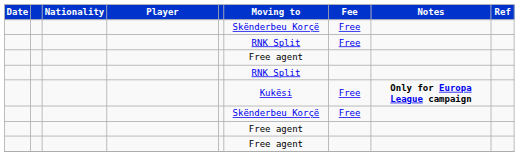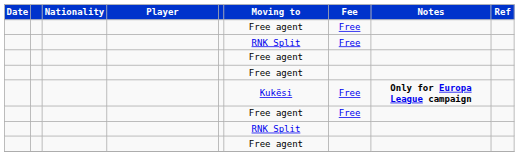 <table class="wikitable"  style="text-align:center; font-size:90%; ">
 <tr>
 <th style="background:#03c; color:white; width:15px;">Date</th>
 <th style="background:#03c; color:white; width:10px;"></th>
 <th style="background:#03c; color:white; width:10px;">Nationality</th>
 <th style="background:#03c; color:white; width:140px;">Player</th>
 <th style="background:#03c; color:white; width:1px;"></th>
 <th style="background:#03c; color:white; width:130px;">Moving to</th>
 <th style="background:#03c; color:white; width:50px;">Fee</th>
 <th style="background:#03c; color:white; width:150px;">Notes</th>
 <th style="background:#03c; color:white; width:25px;">Ref</th>
 </tr>
 <tr>
 <td></td>
 <td align=center></td>
 <td></td>
 <td></td>
 <td></td>
-<td><a href='#'>Skënderbeu Korçë</a></td>
+<td>Free agent</td>
 <td align=center><a href='#'>Free</a></td>
 <td align=center></td>
 <td align=center></td>
 </tr>
 <tr>
 <td></td>
 <td align=center></td>
 <td></td>
 <td></td>
 <td></td>
 <td><a href='#'>RNK Split</a></td>
 <td align=center><a href='#'>Free</a></td>
 <td align=center></td>
 <td align=center></td>
 </tr>
 <tr>
 <td></td>
 <td align=center></td>
 <td></td>
 <td></td>
 <td></td>
 <td>Free agent</td>
 <td align=center></td>
 <td align=center></td>
 <td align=center></td>
 </tr>
 <tr>
 <td></td>
 <td align=center></td>
 <td></td>
 <td></td>
 <td></td>
-<td><a href='#'>RNK Split</a></td>
+<td>Free agent</td>
 <td align=center></td>
 <td align=center></td>
 <td align=center></td>
 </tr>
 <tr>
 <td></td>
 <td align=center></td>
 <td></td>
 <td></td>
 <td></td>
 <td><a href='#'>Kukësi</a></td>
 <td align=center><a href='#'>Free</a></td>
 <td align=center><strong>Only for <a href='#'>Europa League</a> campaign</strong></td>
 <td align=center></td>
 </tr>
 <tr>
 <td></td>
 <td align=center></td>
 <td></td>
 <td></td>
 <td></td>
-<td><a href='#'>Skënderbeu Korçë</a></td>
+<td>Free agent</td>
 <td align=center><a href='#'>Free</a></td>
 <td align=center></td>
 <td align=center></td>
 </tr>
 <tr>
 <td></td>
 <td align=center></td>
 <td></td>
 <td></td>
 <td></td>
-<td>Free agent</td>
+<td><a href='#'>RNK Split</a></td>
 <td align=center></td>
 <td align=center></td>
 <td align=center></td>
 </tr>
 <tr>
 <td></td>
 <td align=center></td>
 <td></td>
 <td></td>
 <td></td>
 <td>Free agent</td>
 <td align=center></td>
 <td align=center></td>
 <td align=center></td>
 </tr>
 <tr>
 </tr>
 </table>
